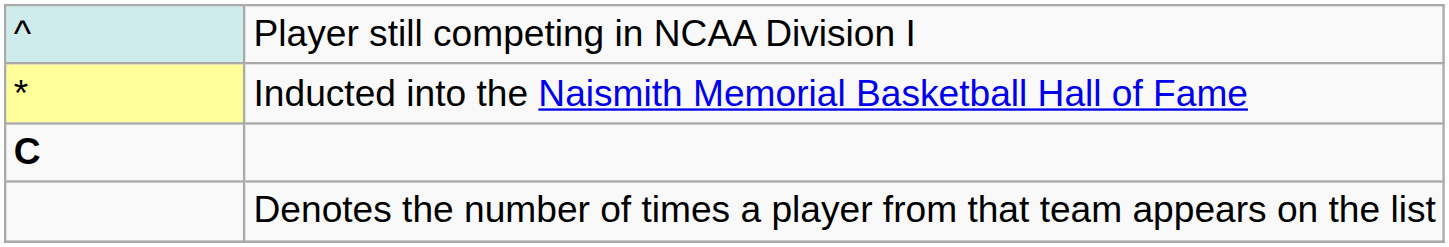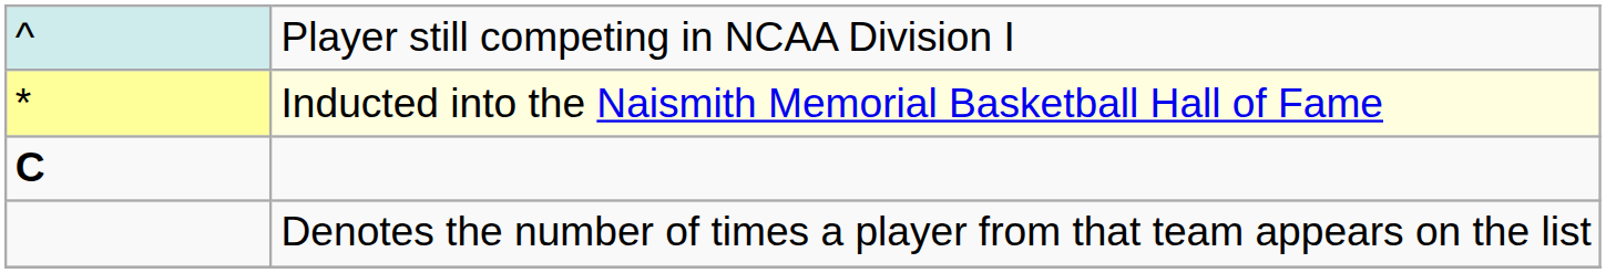 <table class="wikitable">
 <tr>
 <td style="background-color:#CFECEC; width:6em">^</td>
 <td>Player still competing in NCAA Division I</td>
 </tr>
 <tr>
 <td style="background-color:#FFFF99; width:6em">*</td>
-<td>Inducted into the <a href='#'>Naismith Memorial Basketball Hall of Fame</a></td>
+<td style="background: lightyellow;">Inducted into the <a href='#'>Naismith Memorial Basketball Hall of Fame</a></td>
 </tr>
 <tr>
 <td><strong>C</strong></td>
 <td></td>
 </tr>
 <tr>
 <td></td>
 <td>Denotes the number of times a player from that team appears on the list</td>
 </tr>
 <tr>
 </tr>
 </table>
